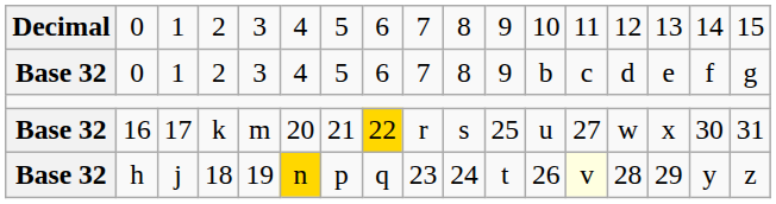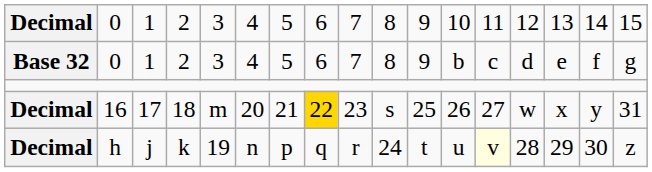 <table class="wikitable" style="text-align:center">
 <tr>
 <th>Decimal</th>
 <td>0</td>
 <td>1</td>
 <td>2</td>
 <td>3</td>
 <td>4</td>
 <td>5</td>
 <td>6</td>
 <td>7</td>
 <td>8</td>
 <td>9</td>
 <td>10</td>
 <td>11</td>
 <td>12</td>
 <td>13</td>
 <td>14</td>
 <td>15</td>
 </tr>
 <tr>
 <th>Base 32</th>
 <td>0</td>
 <td>1</td>
 <td>2</td>
 <td>3</td>
 <td>4</td>
 <td>5</td>
 <td>6</td>
 <td>7</td>
 <td>8</td>
 <td>9</td>
 <td>b</td>
 <td>c</td>
 <td>d</td>
 <td>e</td>
 <td>f</td>
 <td>g</td>
 </tr>
 <tr>
 <td style="font: 0.5em/0.5em serif;" colspan="20"> </td>
 </tr>
 <tr>
-<th>Base 32</th>
+<th>Decimal</th>
 <td>16</td>
 <td>17</td>
-<td>k</td>
+<td>18</td>
 <td>m</td>
 <td>20</td>
 <td>21</td>
 <td style="background: gold;">22</td>
-<td>r</td>
+<td>23</td>
 <td>s</td>
 <td>25</td>
-<td>u</td>
+<td>26</td>
 <td>27</td>
 <td>w</td>
 <td>x</td>
-<td>30</td>
+<td>y</td>
 <td>31</td>
 </tr>
 <tr>
-<th>Base 32</th>
+<th>Decimal</th>
 <td>h</td>
 <td>j</td>
-<td>18</td>
+<td>k</td>
 <td>19</td>
-<td style="background: gold;">n</td>
+<td>n</td>
 <td>p</td>
 <td>q</td>
-<td>23</td>
+<td>r</td>
 <td>24</td>
 <td>t</td>
-<td>26</td>
+<td>u</td>
 <td style="background: lightyellow;">v</td>
 <td>28</td>
 <td>29</td>
-<td>y</td>
+<td>30</td>
 <td>z</td>
 </tr>
 </table>
